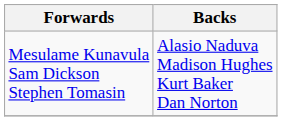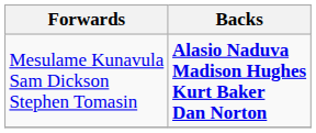 <table class=wikitable style="text-align: left;">
 <tr>
 <th align=center>Forwards</th>
 <th align=center>Backs</th>
 </tr>
 <tr>
 <td> <a href='#'>Mesulame Kunavula</a> <br>  <a href='#'>Sam Dickson</a> <br>  <a href='#'>Stephen Tomasin</a></td>
-<td> <a href='#'>Alasio Naduva</a> <br>  <a href='#'>Madison Hughes</a> <br>  <a href='#'>Kurt Baker</a> <br>  <a href='#'>Dan Norton</a></td>
+<td><strong> <a href='#'>Alasio Naduva</a> <br>  <a href='#'>Madison Hughes</a> <br>  <a href='#'>Kurt Baker</a> <br>  <a href='#'>Dan Norton</a></strong></td>
 </tr>
 <tr>
 </tr>
 </table>
